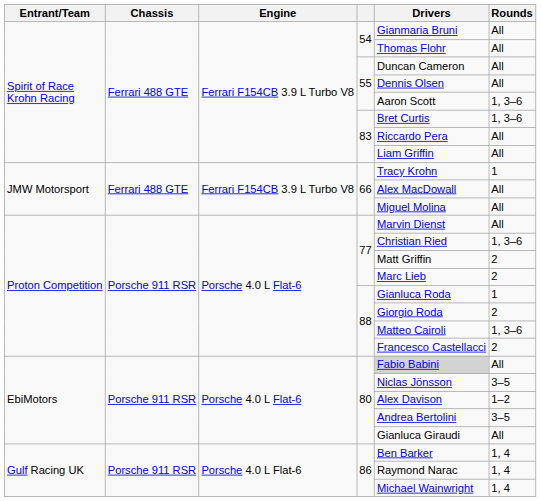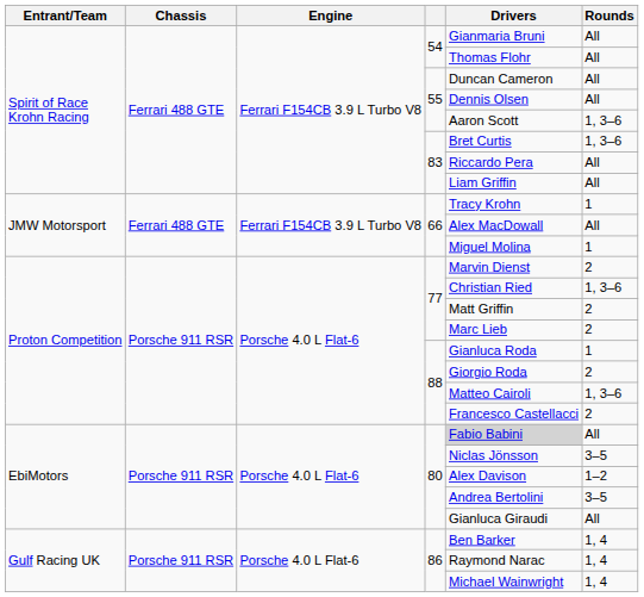 <table class="wikitable" style="font-size: 85%">
 <tr>
 <th>Entrant/Team</th>
 <th>Chassis</th>
 <th>Engine</th>
 <th></th>
 <th>Drivers</th>
 <th>Rounds</th>
 </tr>
 <tr>
 <td rowspan=8> <a href='#'>Spirit of Race</a><br> <a href='#'>Krohn Racing</a></td>
 <td rowspan=8><a href='#'>Ferrari 488 GTE</a></td>
 <td rowspan=8><a href='#'>Ferrari F154CB</a> 3.9 L Turbo V8</td>
 <td rowspan=2>54</td>
 <td> <a href='#'>Gianmaria Bruni</a></td>
 <td>All</td>
 </tr>
 <tr>
 <td> <a href='#'>Thomas Flohr</a></td>
 <td>All</td>
 </tr>
 <tr>
 <td rowspan=3>55</td>
 <td> Duncan Cameron</td>
 <td>All</td>
 </tr>
 <tr>
 <td> <a href='#'>Dennis Olsen</a></td>
 <td>All</td>
 </tr>
 <tr>
 <td> Aaron Scott</td>
 <td>1, 3–6</td>
 </tr>
 <tr>
 <td rowspan=3>83</td>
 <td> <a href='#'>Bret Curtis</a></td>
 <td>1, 3–6</td>
 </tr>
 <tr>
 <td> <a href='#'>Riccardo Pera</a></td>
 <td>All</td>
 </tr>
 <tr>
 <td> <a href='#'>Liam Griffin</a></td>
 <td>All</td>
 </tr>
 <tr>
 <td rowspan=3> JMW Motorsport</td>
 <td rowspan=3><a href='#'>Ferrari 488 GTE</a></td>
 <td rowspan=3><a href='#'>Ferrari F154CB</a> 3.9 L Turbo V8</td>
 <td rowspan=3>66</td>
 <td> <a href='#'>Tracy Krohn</a></td>
 <td>1</td>
 </tr>
 <tr>
 <td> <a href='#'>Alex MacDowall</a></td>
 <td>All</td>
 </tr>
 <tr>
 <td> <a href='#'>Miguel Molina</a></td>
-<td>All</td>
+<td>1</td>
 </tr>
 <tr>
 <td rowspan=8> <a href='#'>Proton Competition</a></td>
 <td rowspan=8><a href='#'>Porsche 911 RSR</a></td>
 <td rowspan=8><a href='#'>Porsche</a> 4.0 L <a href='#'>Flat-6</a></td>
 <td rowspan=4>77</td>
 <td> <a href='#'>Marvin Dienst</a></td>
-<td>All</td>
+<td>2</td>
 </tr>
 <tr>
 <td> <a href='#'>Christian Ried</a></td>
 <td>1, 3–6</td>
 </tr>
 <tr>
 <td> Matt Griffin</td>
 <td>2</td>
 </tr>
 <tr>
 <td> <a href='#'>Marc Lieb</a></td>
 <td>2</td>
 </tr>
 <tr>
 <td rowspan=4>88</td>
 <td> <a href='#'>Gianluca Roda</a></td>
 <td>1</td>
 </tr>
 <tr>
 <td> <a href='#'>Giorgio Roda</a></td>
 <td>2</td>
 </tr>
 <tr>
 <td> <a href='#'>Matteo Cairoli</a></td>
 <td>1, 3–6</td>
 </tr>
 <tr>
 <td> <a href='#'>Francesco Castellacci</a></td>
 <td>2</td>
 </tr>
 <tr>
 <td rowspan=5> EbiMotors</td>
 <td rowspan=5><a href='#'>Porsche 911 RSR</a></td>
 <td rowspan=5><a href='#'>Porsche</a> 4.0 L <a href='#'>Flat-6</a></td>
 <td rowspan=5>80</td>
 <td style="background: lightgrey;"> <a href='#'>Fabio Babini</a></td>
 <td>All</td>
 </tr>
 <tr>
 <td> <a href='#'>Niclas Jönsson</a></td>
 <td>3–5</td>
 </tr>
 <tr>
 <td> <a href='#'>Alex Davison</a></td>
 <td>1–2</td>
 </tr>
 <tr>
 <td> <a href='#'>Andrea Bertolini</a></td>
 <td>3–5</td>
 </tr>
 <tr>
 <td> Gianluca Giraudi</td>
 <td>All</td>
 </tr>
 <tr>
 <td rowspan=3> <a href='#'>Gulf</a> Racing UK</td>
 <td rowspan=3><a href='#'>Porsche 911 RSR</a></td>
 <td rowspan=3><a href='#'>Porsche</a> 4.0 L Flat-6</td>
 <td rowspan=3>86</td>
 <td> <a href='#'>Ben Barker</a></td>
 <td>1, 4</td>
 </tr>
 <tr>
 <td> Raymond Narac</td>
 <td>1, 4</td>
 </tr>
 <tr>
 <td> <a href='#'>Michael Wainwright</a></td>
 <td>1, 4</td>
 </tr>
 </table>
